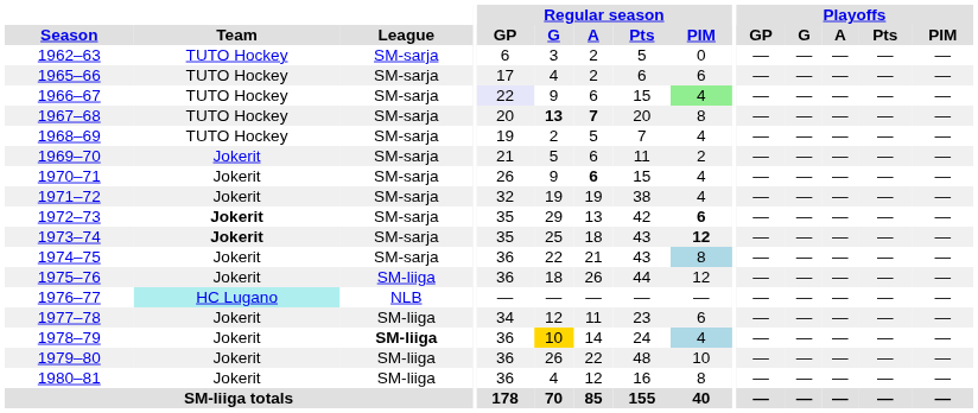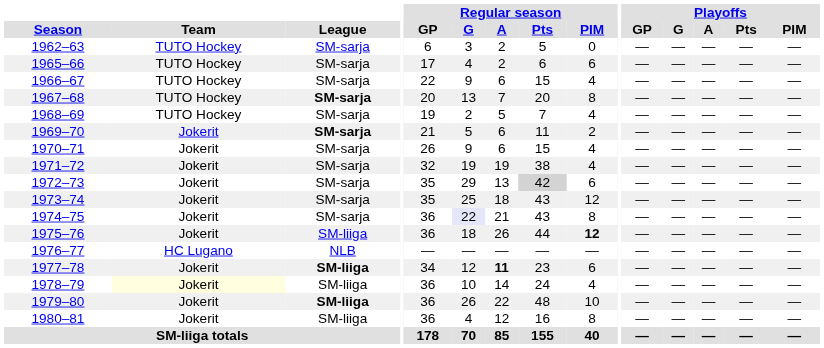 <table border="0" cellpadding="1" cellspacing="0" style="text-align:center; width:60em">
 <tr bgcolor="#e0e0e0">
 <th colspan="3" bgcolor="#ffffff"></th>
 <th rowspan="99" bgcolor="#ffffff"></th>
 <th colspan="5"><a href='#'>Regular season</a></th>
 <th rowspan="99" bgcolor="#ffffff"></th>
 <th colspan="5"><a href='#'>Playoffs</a></th>
 </tr>
 <tr bgcolor="#e0e0e0">
 <th><a href='#'>Season</a></th>
 <th>Team</th>
 <th>League</th>
 <th>GP</th>
 <th><a href='#'>G</a></th>
 <th><a href='#'>A</a></th>
 <th><a href='#'>Pts</a></th>
 <th><a href='#'>PIM</a></th>
 <th>GP</th>
 <th>G</th>
 <th>A</th>
 <th>Pts</th>
 <th>PIM</th>
 </tr>
 <tr>
 <td><a href='#'>1962–63</a></td>
 <td><a href='#'>TUTO Hockey</a></td>
 <td><a href='#'>SM-sarja</a></td>
 <td>6</td>
 <td>3</td>
 <td>2</td>
 <td>5</td>
 <td>0</td>
 <td>—</td>
 <td>—</td>
 <td>—</td>
 <td>—</td>
 <td>—</td>
 </tr>
 <tr bgcolor="#f0f0f0">
 <td><a href='#'>1965–66</a></td>
 <td>TUTO Hockey</td>
 <td>SM-sarja</td>
 <td>17</td>
 <td>4</td>
 <td>2</td>
 <td>6</td>
 <td>6</td>
 <td>—</td>
 <td>—</td>
 <td>—</td>
 <td>—</td>
 <td>—</td>
 </tr>
 <tr>
 <td><a href='#'>1966–67</a></td>
 <td>TUTO Hockey</td>
 <td>SM-sarja</td>
-<td style="background: lavender;">22</td>
+<td>22</td>
 <td>9</td>
 <td>6</td>
 <td>15</td>
-<td style="background: lightgreen;">4</td>
+<td>4</td>
 <td>—</td>
 <td>—</td>
 <td>—</td>
 <td>—</td>
 <td>—</td>
 </tr>
 <tr bgcolor="#f0f0f0">
 <td><a href='#'>1967–68</a></td>
 <td>TUTO Hockey</td>
-<td>SM-sarja</td>
+<td><strong>SM-sarja</strong></td>
 <td>20</td>
-<td><strong>13</strong></td>
-<td><strong>7</strong></td>
+<td>13</td>
+<td>7</td>
 <td>20</td>
 <td>8</td>
 <td>—</td>
 <td>—</td>
 <td>—</td>
 <td>—</td>
 <td>—</td>
 </tr>
 <tr>
 <td><a href='#'>1968–69</a></td>
 <td>TUTO Hockey</td>
 <td>SM-sarja</td>
 <td>19</td>
 <td>2</td>
 <td>5</td>
 <td>7</td>
 <td>4</td>
 <td>—</td>
 <td>—</td>
 <td>—</td>
 <td>—</td>
 <td>—</td>
 </tr>
 <tr bgcolor="#f0f0f0">
 <td><a href='#'>1969–70</a></td>
 <td><a href='#'>Jokerit</a></td>
-<td>SM-sarja</td>
+<td><strong>SM-sarja</strong></td>
 <td>21</td>
 <td>5</td>
 <td>6</td>
 <td>11</td>
 <td>2</td>
 <td>—</td>
 <td>—</td>
 <td>—</td>
 <td>—</td>
 <td>—</td>
 </tr>
 <tr>
 <td><a href='#'>1970–71</a></td>
 <td>Jokerit</td>
 <td>SM-sarja</td>
 <td>26</td>
 <td>9</td>
-<td><strong>6</strong></td>
+<td>6</td>
 <td>15</td>
 <td>4</td>
 <td>—</td>
 <td>—</td>
 <td>—</td>
 <td>—</td>
 <td>—</td>
 </tr>
 <tr bgcolor="#f0f0f0">
 <td><a href='#'>1971–72</a></td>
 <td>Jokerit</td>
 <td>SM-sarja</td>
 <td>32</td>
 <td>19</td>
 <td>19</td>
 <td>38</td>
 <td>4</td>
 <td>—</td>
 <td>—</td>
 <td>—</td>
 <td>—</td>
 <td>—</td>
 </tr>
 <tr>
 <td><a href='#'>1972–73</a></td>
-<td><strong>Jokerit</strong></td>
+<td>Jokerit</td>
 <td>SM-sarja</td>
 <td>35</td>
 <td>29</td>
 <td>13</td>
-<td>42</td>
-<td><strong>6</strong></td>
+<td style="background: lightgrey;">42</td>
+<td>6</td>
 <td>—</td>
 <td>—</td>
 <td>—</td>
 <td>—</td>
 <td>—</td>
 </tr>
 <tr bgcolor="#f0f0f0">
 <td><a href='#'>1973–74</a></td>
-<td><strong>Jokerit</strong></td>
+<td>Jokerit</td>
 <td>SM-sarja</td>
 <td>35</td>
 <td>25</td>
 <td>18</td>
 <td>43</td>
-<td><strong>12</strong></td>
+<td>12</td>
 <td>—</td>
 <td>—</td>
 <td>—</td>
 <td>—</td>
 <td>—</td>
 </tr>
 <tr>
 <td><a href='#'>1974–75</a></td>
 <td>Jokerit</td>
 <td>SM-sarja</td>
 <td>36</td>
-<td>22</td>
+<td style="background: lavender;">22</td>
 <td>21</td>
 <td>43</td>
-<td style="background: lightblue;">8</td>
+<td>8</td>
 <td>—</td>
 <td>—</td>
 <td>—</td>
 <td>—</td>
 <td>—</td>
 </tr>
 <tr bgcolor="#f0f0f0">
 <td><a href='#'>1975–76</a></td>
 <td>Jokerit</td>
 <td><a href='#'>SM-liiga</a></td>
 <td>36</td>
 <td>18</td>
 <td>26</td>
 <td>44</td>
-<td>12</td>
+<td><strong>12</strong></td>
 <td>—</td>
 <td>—</td>
 <td>—</td>
 <td>—</td>
 <td>—</td>
 </tr>
 <tr>
 <td><a href='#'>1976–77</a></td>
-<td style="background: paleturquoise;"><a href='#'>HC Lugano</a></td>
+<td><a href='#'>HC Lugano</a></td>
 <td><a href='#'>NLB</a></td>
 <td>—</td>
 <td>—</td>
 <td>—</td>
 <td>—</td>
 <td>—</td>
 <td>—</td>
 <td>—</td>
 <td>—</td>
 <td>—</td>
 <td>—</td>
 </tr>
 <tr bgcolor="#f0f0f0">
 <td><a href='#'>1977–78</a></td>
 <td>Jokerit</td>
-<td>SM-liiga</td>
+<td><strong>SM-liiga</strong></td>
 <td>34</td>
 <td>12</td>
-<td>11</td>
+<td><strong>11</strong></td>
 <td>23</td>
 <td>6</td>
 <td>—</td>
 <td>—</td>
 <td>—</td>
 <td>—</td>
 <td>—</td>
 </tr>
 <tr>
 <td><a href='#'>1978–79</a></td>
-<td>Jokerit</td>
-<td><strong>SM-liiga</strong></td>
+<td style="background: lightyellow;">Jokerit</td>
+<td>SM-liiga</td>
 <td>36</td>
-<td style="background: gold;">10</td>
+<td>10</td>
 <td>14</td>
 <td>24</td>
-<td style="background: lightblue;">4</td>
+<td>4</td>
 <td>—</td>
 <td>—</td>
 <td>—</td>
 <td>—</td>
 <td>—</td>
 </tr>
 <tr bgcolor="#f0f0f0">
 <td><a href='#'>1979–80</a></td>
 <td>Jokerit</td>
-<td>SM-liiga</td>
+<td><strong>SM-liiga</strong></td>
 <td>36</td>
 <td>26</td>
 <td>22</td>
 <td>48</td>
 <td>10</td>
 <td>—</td>
 <td>—</td>
 <td>—</td>
 <td>—</td>
 <td>—</td>
 </tr>
 <tr>
 <td><a href='#'>1980–81</a></td>
 <td>Jokerit</td>
 <td>SM-liiga</td>
 <td>36</td>
 <td>4</td>
 <td>12</td>
 <td>16</td>
 <td>8</td>
 <td>—</td>
 <td>—</td>
 <td>—</td>
 <td>—</td>
 <td>—</td>
 </tr>
 <tr>
 </tr>
 <tr ALIGN="center" bgcolor="#e0e0e0">
 <th colspan="3">SM-liiga totals</th>
 <th ALIGN="center">178</th>
 <th ALIGN="center">70</th>
 <th ALIGN="center">85</th>
 <th ALIGN="center">155</th>
 <th ALIGN="center">40</th>
 <th ALIGN="center">—</th>
 <th ALIGN="center">—</th>
 <th ALIGN="center">—</th>
 <th ALIGN="center">—</th>
 <th ALIGN="center">—</th>
 </tr>
 </table>
